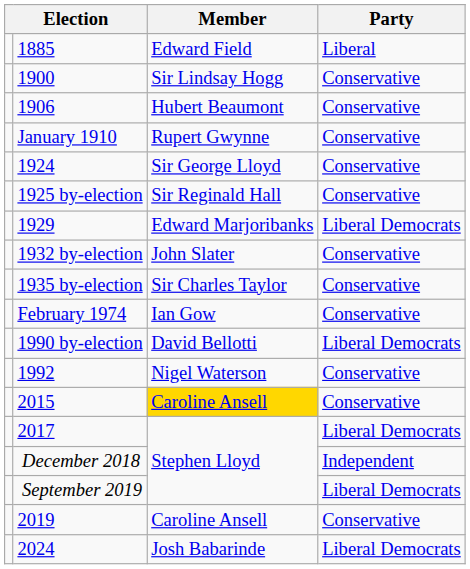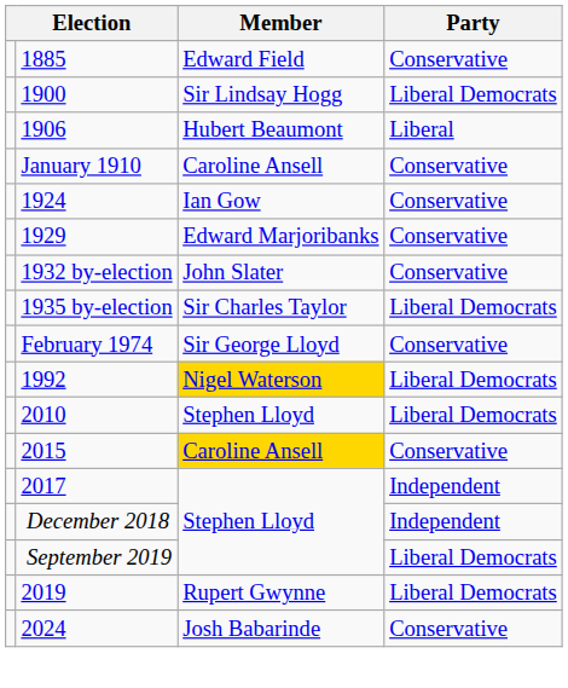 <table class="wikitable">
 <tr>
 <th colspan="2">Election</th>
 <th>Member</th>
 <th>Party</th>
 </tr>
 <tr>
 <td style="color:inherit;background-color: "></td>
 <td><a href='#'>1885</a></td>
 <td><a href='#'>Edward Field</a></td>
-<td><a href='#'>Liberal</a></td>
+<td><a href='#'>Conservative</a></td>
 </tr>
 <tr>
 <td style="color:inherit;background-color: "></td>
 <td><a href='#'>1900</a></td>
 <td><a href='#'>Sir Lindsay Hogg</a></td>
-<td><a href='#'>Conservative</a></td>
+<td><a href='#'>Liberal Democrats</a></td>
 </tr>
 <tr>
 <td style="color:inherit;background-color: "></td>
 <td><a href='#'>1906</a></td>
 <td><a href='#'>Hubert Beaumont</a></td>
-<td><a href='#'>Conservative</a></td>
+<td><a href='#'>Liberal</a></td>
 </tr>
 <tr>
 <td style="color:inherit;background-color: "></td>
 <td><a href='#'>January 1910</a></td>
-<td><a href='#'>Rupert Gwynne</a></td>
+<td><a href='#'>Caroline Ansell</a></td>
 <td><a href='#'>Conservative</a></td>
 </tr>
 <tr>
 <td style="color:inherit;background-color: "></td>
 <td><a href='#'>1924</a></td>
-<td><a href='#'>Sir George Lloyd</a></td>
-<td><a href='#'>Conservative</a></td>
-</tr>
-<tr>
-<td style="color:inherit;background-color: "></td>
-<td><a href='#'>1925 by-election</a></td>
-<td><a href='#'>Sir Reginald Hall</a></td>
+<td><a href='#'>Ian Gow</a></td>
 <td><a href='#'>Conservative</a></td>
 </tr>
 <tr>
 <td style="color:inherit;background-color: "></td>
 <td><a href='#'>1929</a></td>
 <td><a href='#'>Edward Marjoribanks</a></td>
-<td><a href='#'>Liberal Democrats</a></td>
+<td><a href='#'>Conservative</a></td>
 </tr>
 <tr>
 <td style="color:inherit;background-color: "></td>
 <td><a href='#'>1932 by-election</a></td>
 <td><a href='#'>John Slater</a></td>
 <td><a href='#'>Conservative</a></td>
 </tr>
 <tr>
 <td style="color:inherit;background-color: "></td>
 <td><a href='#'>1935 by-election</a></td>
 <td><a href='#'>Sir Charles Taylor</a></td>
+<td><a href='#'>Liberal Democrats</a></td>
+</tr>
+<tr>
+<td style="color:inherit;background-color: "></td>
+<td><a href='#'>February 1974</a></td>
+<td><a href='#'>Sir George Lloyd</a></td>
 <td><a href='#'>Conservative</a></td>
 </tr>
 <tr>
 <td style="color:inherit;background-color: "></td>
-<td><a href='#'>February 1974</a></td>
-<td><a href='#'>Ian Gow</a></td>
-<td><a href='#'>Conservative</a></td>
-</tr>
-<tr>
-<td style="color:inherit;background-color: "></td>
-<td><a href='#'>1990 by-election</a></td>
-<td><a href='#'>David Bellotti</a></td>
+<td><a href='#'>1992</a></td>
+<td style="background: gold;"><a href='#'>Nigel Waterson</a></td>
 <td><a href='#'>Liberal Democrats</a></td>
 </tr>
 <tr>
 <td style="color:inherit;background-color: "></td>
-<td><a href='#'>1992</a></td>
-<td><a href='#'>Nigel Waterson</a></td>
-<td><a href='#'>Conservative</a></td>
+<td><a href='#'>2010</a></td>
+<td><a href='#'>Stephen Lloyd</a></td>
+<td><a href='#'>Liberal Democrats</a></td>
 </tr>
 <tr>
 <td style="color:inherit;background-color: "></td>
 <td><a href='#'>2015</a></td>
 <td style="background: gold;"><a href='#'>Caroline Ansell</a></td>
 <td><a href='#'>Conservative</a></td>
 </tr>
 <tr>
 <td style="color:inherit;background-color: "></td>
 <td><a href='#'>2017</a></td>
 <td rowspan="3"><a href='#'>Stephen Lloyd</a></td>
-<td><a href='#'>Liberal Democrats</a></td>
+<td><a href='#'>Independent</a></td>
 </tr>
 <tr>
 <td style="color:inherit;background-color: "></td>
 <td> <em>December 2018</em></td>
 <td><a href='#'>Independent</a></td>
 </tr>
 <tr>
 <td style="color:inherit;background-color: "></td>
 <td> <em>September 2019</em></td>
 <td><a href='#'>Liberal Democrats</a></td>
 </tr>
 <tr>
 <td style="color:inherit;background-color: "></td>
 <td><a href='#'>2019</a></td>
-<td><a href='#'>Caroline Ansell</a></td>
-<td><a href='#'>Conservative</a></td>
+<td><a href='#'>Rupert Gwynne</a></td>
+<td><a href='#'>Liberal Democrats</a></td>
 </tr>
 <tr>
 <td style="color:inherit;background-color: "></td>
 <td><a href='#'>2024</a></td>
 <td><a href='#'>Josh Babarinde</a></td>
-<td><a href='#'>Liberal Democrats</a></td>
+<td><a href='#'>Conservative</a></td>
 </tr>
 </table>
